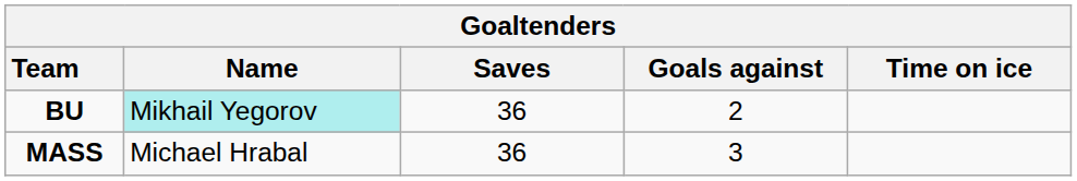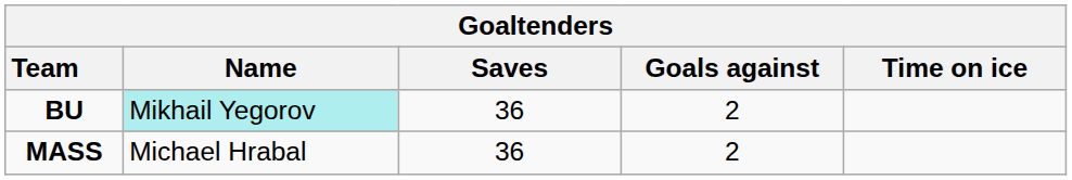 <table class="wikitable" style="width:40em; text-align:right;">
 <tr>
 <th colspan=5>Goaltenders</th>
 </tr>
 <tr>
 <th style="width:4em; text-align:left;">Team</th>
 <th style="width:10em;">Name</th>
 <th style="width:8em;">Saves</th>
 <th style="width:8em;">Goals against</th>
 <th style="width:8em;">Time on ice</th>
 </tr>
 <tr>
 <td align=center><strong>BU</strong></td>
 <td style="background: paleturquoise; text-align:left;">Mikhail Yegorov</td>
 <td align=center>36</td>
 <td align=center>2</td>
 <td align=center></td>
 </tr>
 <tr>
 <td align=center><strong>MASS</strong></td>
 <td style="text-align:left;">Michael Hrabal</td>
 <td align=center>36</td>
-<td align=center>3</td>
+<td align=center>2</td>
 <td align=center></td>
 </tr>
 </table>
